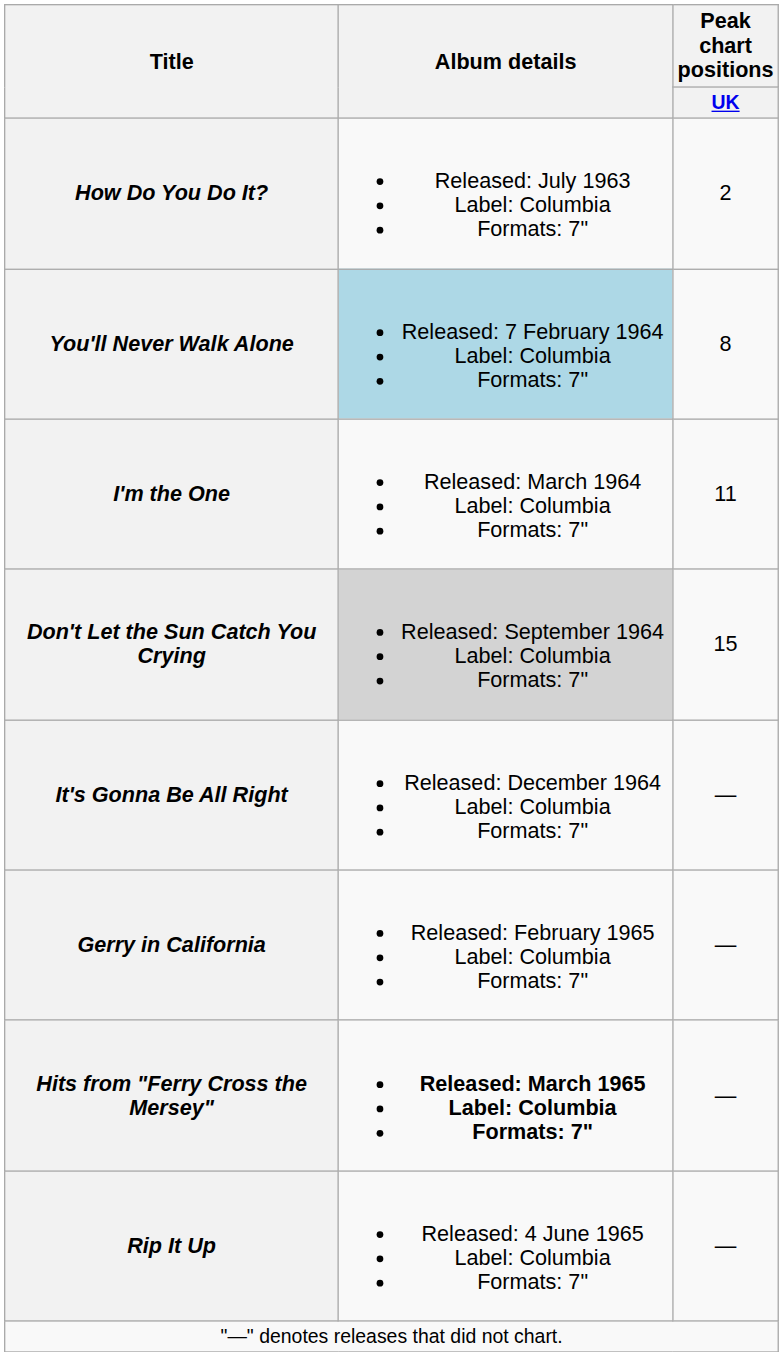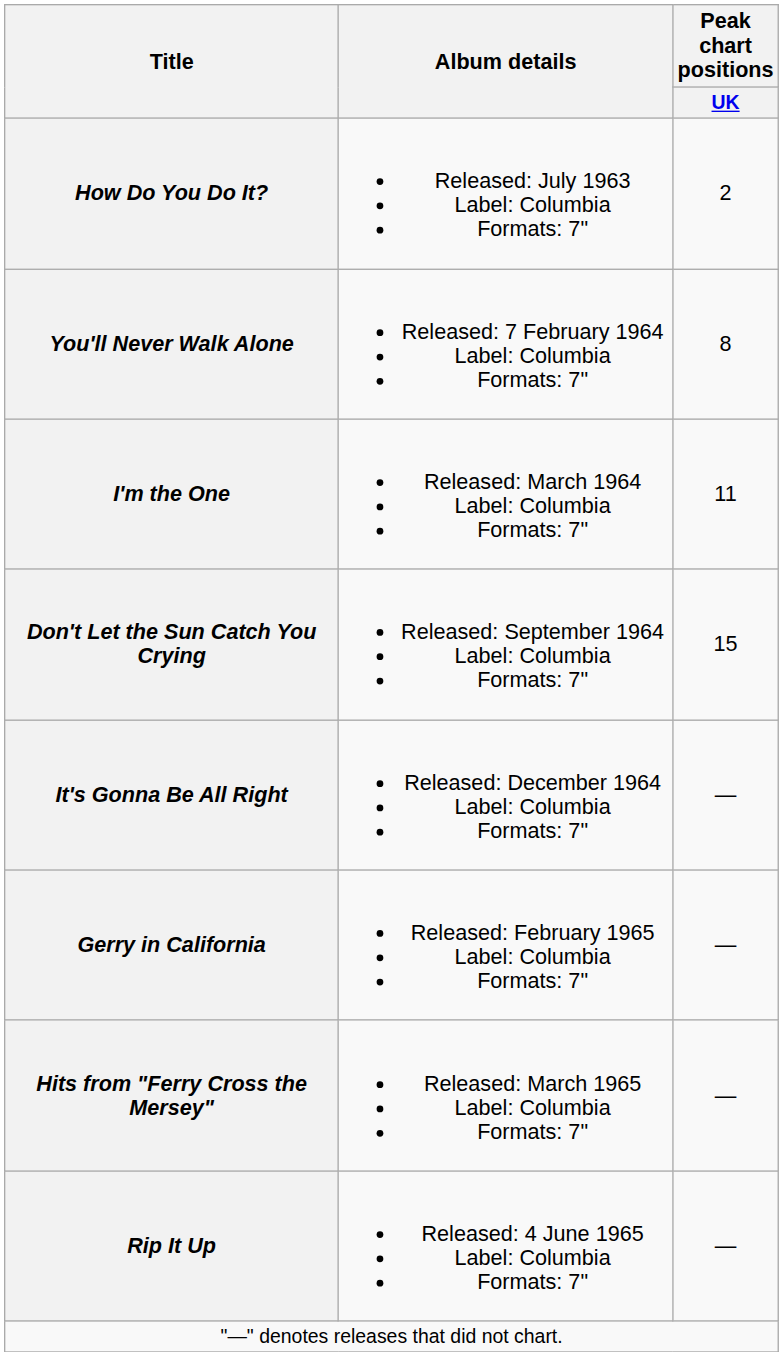 <table class="wikitable plainrowheaders" style="text-align:center;">
 <tr>
 <th rowspan="2" scope="col" style="width:15em;">Title</th>
 <th rowspan="2" scope="col" style="width:15em;">Album details</th>
 <th>Peak chart positions</th>
 </tr>
 <tr>
 <th scope="col" style="width:2em;font-size:90%;"><a href='#'>UK</a><br></th>
 </tr>
 <tr>
 <th scope="row"><em>How Do You Do It?</em></th>
 <td><br><ul><li>Released: July 1963</li><li>Label: Columbia</li><li>Formats: 7"</li></ul></td>
 <td>2</td>
 </tr>
 <tr>
 <th scope="row"><em>You'll Never Walk Alone</em></th>
-<td style="background: lightblue;"><br><ul><li>Released: 7 February 1964</li><li>Label: Columbia</li><li>Formats: 7"</li></ul></td>
+<td><br><ul><li>Released: 7 February 1964</li><li>Label: Columbia</li><li>Formats: 7"</li></ul></td>
 <td>8</td>
 </tr>
 <tr>
 <th scope="row"><em>I'm the One</em></th>
 <td><br><ul><li>Released: March 1964</li><li>Label: Columbia</li><li>Formats: 7"</li></ul></td>
 <td>11</td>
 </tr>
 <tr>
 <th scope="row"><em>Don't Let the Sun Catch You Crying</em></th>
-<td style="background: lightgrey;"><br><ul><li>Released: September 1964</li><li>Label: Columbia</li><li>Formats: 7"</li></ul></td>
+<td><br><ul><li>Released: September 1964</li><li>Label: Columbia</li><li>Formats: 7"</li></ul></td>
 <td>15</td>
 </tr>
 <tr>
 <th scope="row"><em>It's Gonna Be All Right</em></th>
 <td><br><ul><li>Released: December 1964</li><li>Label: Columbia</li><li>Formats: 7"</li></ul></td>
 <td>—</td>
 </tr>
 <tr>
 <th scope="row"><em>Gerry in California</em></th>
 <td><br><ul><li>Released: February 1965</li><li>Label: Columbia</li><li>Formats: 7"</li></ul></td>
 <td>—</td>
 </tr>
 <tr>
 <th scope="row"><em>Hits from "Ferry Cross the Mersey"</em></th>
-<td><strong><br><ul><li>Released: March 1965</li><li>Label: Columbia</li><li>Formats: 7"</li></ul></strong></td>
+<td><br><ul><li>Released: March 1965</li><li>Label: Columbia</li><li>Formats: 7"</li></ul></td>
 <td>—</td>
 </tr>
 <tr>
 <th scope="row"><em>Rip It Up</em></th>
 <td><br><ul><li>Released: 4 June 1965</li><li>Label: Columbia</li><li>Formats: 7"</li></ul></td>
 <td>—</td>
 </tr>
 <tr>
 <td colspan="3" style="font-size:90%">"—" denotes releases that did not chart.</td>
 </tr>
 </table>
